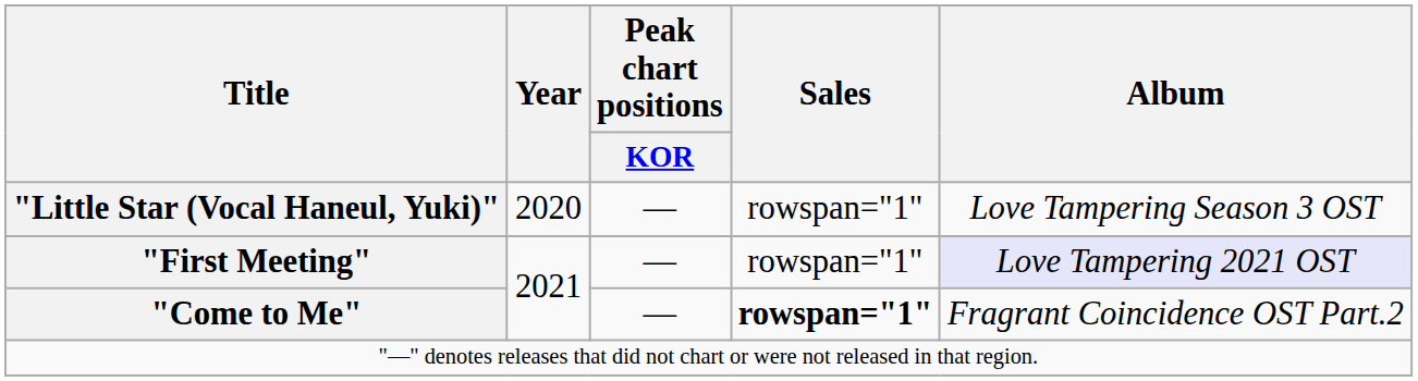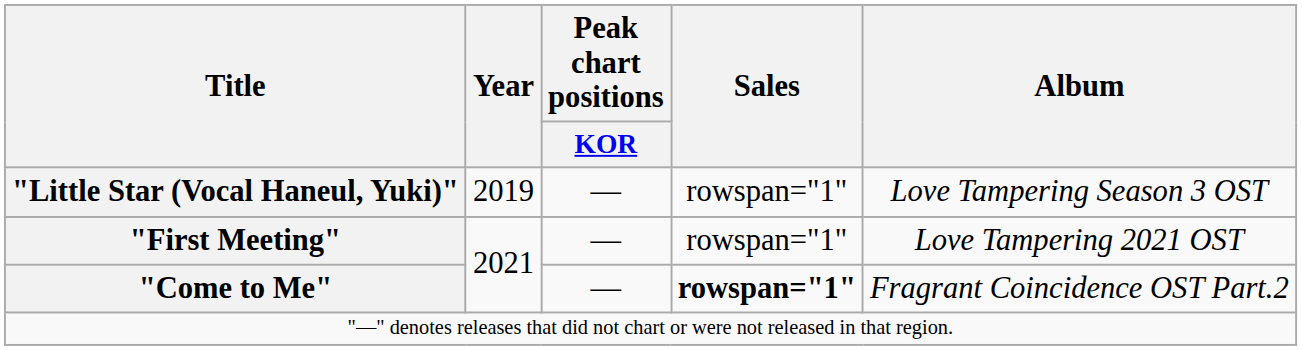 <table class="wikitable plainrowheaders" style="text-align:center;" border="1">
 <tr>
 <th scope="col" rowspan="2">Title</th>
 <th scope="col" rowspan="2">Year</th>
 <th scope="col" colspan="1">Peak chart positions</th>
 <th scope="col" rowspan="2">Sales<br></th>
 <th scope="col" rowspan="2">Album</th>
 </tr>
 <tr>
 <th scope="col" style="width:3em;font-size:90%;"><a href='#'>KOR</a><br></th>
 </tr>
 <tr>
 <th scope="row">"Little Star (Vocal Haneul, Yuki)"</th>
-<td rowspan="1">2020</td>
+<td rowspan="1">2019</td>
 <td>—</td>
 <td>rowspan="1" </td>
 <td><em>Love Tampering Season 3 OST</em></td>
 </tr>
 <tr>
 <th scope="row">"First Meeting" </th>
 <td rowspan="2">2021</td>
 <td>—</td>
 <td>rowspan="1" </td>
-<td style="background: lavender;"><em>Love Tampering 2021 OST</em></td>
+<td><em>Love Tampering 2021 OST</em></td>
 </tr>
 <tr>
 <th scope="row">"Come to Me" </th>
 <td>—</td>
 <td><strong>rowspan="1" </strong></td>
 <td><em>Fragrant Coincidence OST Part.2</em></td>
 </tr>
 <tr>
 <td colspan="6" style="font-size:8pt">"—" denotes releases that did not chart or were not released in that region.</td>
 </tr>
 </table>
